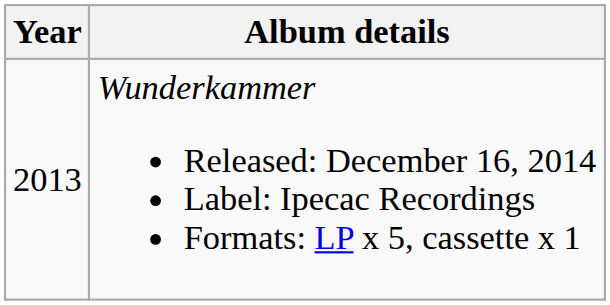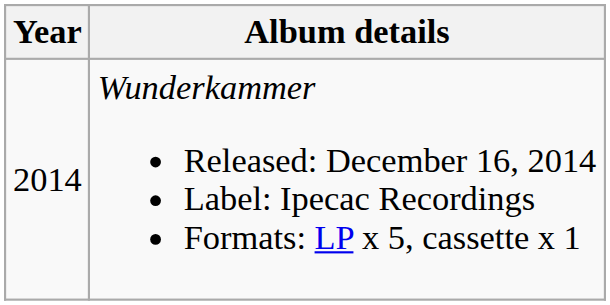 <table class="wikitable">
 <tr>
 <th>Year</th>
 <th>Album details</th>
 </tr>
 <tr>
-<td style="text-align:center;">2013</td>
+<td style="text-align:center;">2014</td>
 <td style="text-align:left;"><em>Wunderkammer</em><br><ul><li>Released: December 16, 2014</li><li>Label: Ipecac Recordings</li><li>Formats: <a href='#'>LP</a> x 5, cassette x 1</li></ul></td>
 </tr>
 </table>
